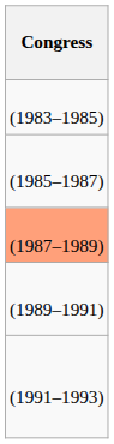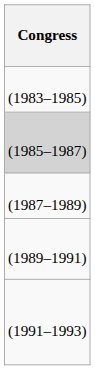 <table class="wikitable" style="float:left; margin:0; margin-right:-0.5px; margin-top:14px; text-align:center;">
 <tr style="white-space:nowrap; height:4.08em;">
 <th>Congress</th>
 </tr>
 <tr style="white-space:nowrap; height:3em;">
 <td><strong></strong><br>(1983–1985)</td>
 </tr>
 <tr style="white-space:nowrap; height:4em">
-<td><strong></strong><br>(1985–1987)</td>
+<td style="background: lightgrey;"><strong></strong><br>(1985–1987)</td>
 </tr>
 <tr style="white-space:nowrap; height:3em">
-<td style="background: lightsalmon;"><strong></strong><br>(1987–1989)</td>
+<td><strong></strong><br>(1987–1989)</td>
 </tr>
 <tr style="white-space:nowrap; height:4em">
 <td><strong></strong><br>(1989–1991)</td>
 </tr>
 <tr style="white-space:nowrap; height:5.62em">
 <td><strong></strong><br>(1991–1993)</td>
 </tr>
 </table>
